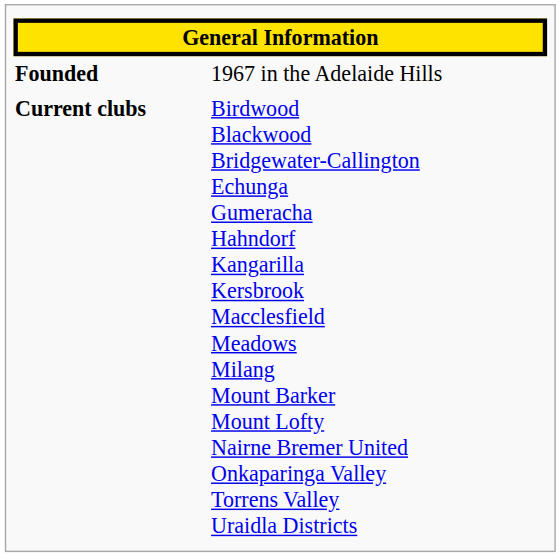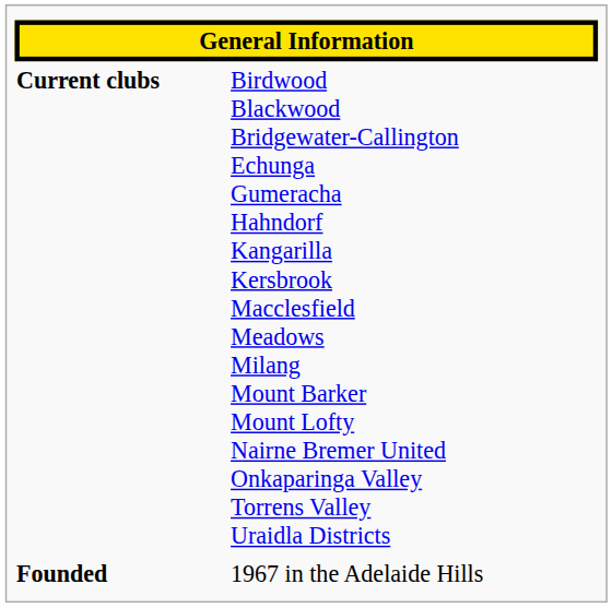 <table class="infobox" style="width: 25em; font-size: 95%;">
 <tr>
 <td align="center" colspan="2"></td>
 </tr>
 <tr>
 <th colspan="2" style="background:#FFE300; color:black; border:solid  black 3px"><strong>General Information</strong></th>
 </tr>
+<tr>
+<td><strong>Current clubs</strong></td>
+<td><a href='#'>Birdwood</a><br><a href='#'>Blackwood</a><br><a href='#'>Bridgewater-Callington</a><br><a href='#'>Echunga</a><br><a href='#'>Gumeracha</a><br><a href='#'>Hahndorf</a><br><a href='#'>Kangarilla</a><br><a href='#'>Kersbrook</a><br><a href='#'>Macclesfield</a><br><a href='#'>Meadows</a><br><a href='#'>Milang</a><br><a href='#'>Mount Barker</a><br><a href='#'>Mount Lofty</a><br><a href='#'>Nairne Bremer United</a><br><a href='#'>Onkaparinga Valley</a><br><a href='#'>Torrens Valley</a><br><a href='#'>Uraidla Districts</a><br></td>
+</tr>
+<tr>
+</tr>
 <tr style="vertical-align: top;">
 <td><strong>Founded</strong></td>
 <td>1967 in the Adelaide Hills</td>
 </tr>
-<tr>
-</tr>
-<tr>
-<td><strong>Current clubs</strong></td>
-<td><a href='#'>Birdwood</a><br><a href='#'>Blackwood</a><br><a href='#'>Bridgewater-Callington</a><br><a href='#'>Echunga</a><br><a href='#'>Gumeracha</a><br><a href='#'>Hahndorf</a><br><a href='#'>Kangarilla</a><br><a href='#'>Kersbrook</a><br><a href='#'>Macclesfield</a><br><a href='#'>Meadows</a><br><a href='#'>Milang</a><br><a href='#'>Mount Barker</a><br><a href='#'>Mount Lofty</a><br><a href='#'>Nairne Bremer United</a><br><a href='#'>Onkaparinga Valley</a><br><a href='#'>Torrens Valley</a><br><a href='#'>Uraidla Districts</a><br></td>
-</tr>
 <tr style="vertical-align: top;">
 </tr>
 </table>
